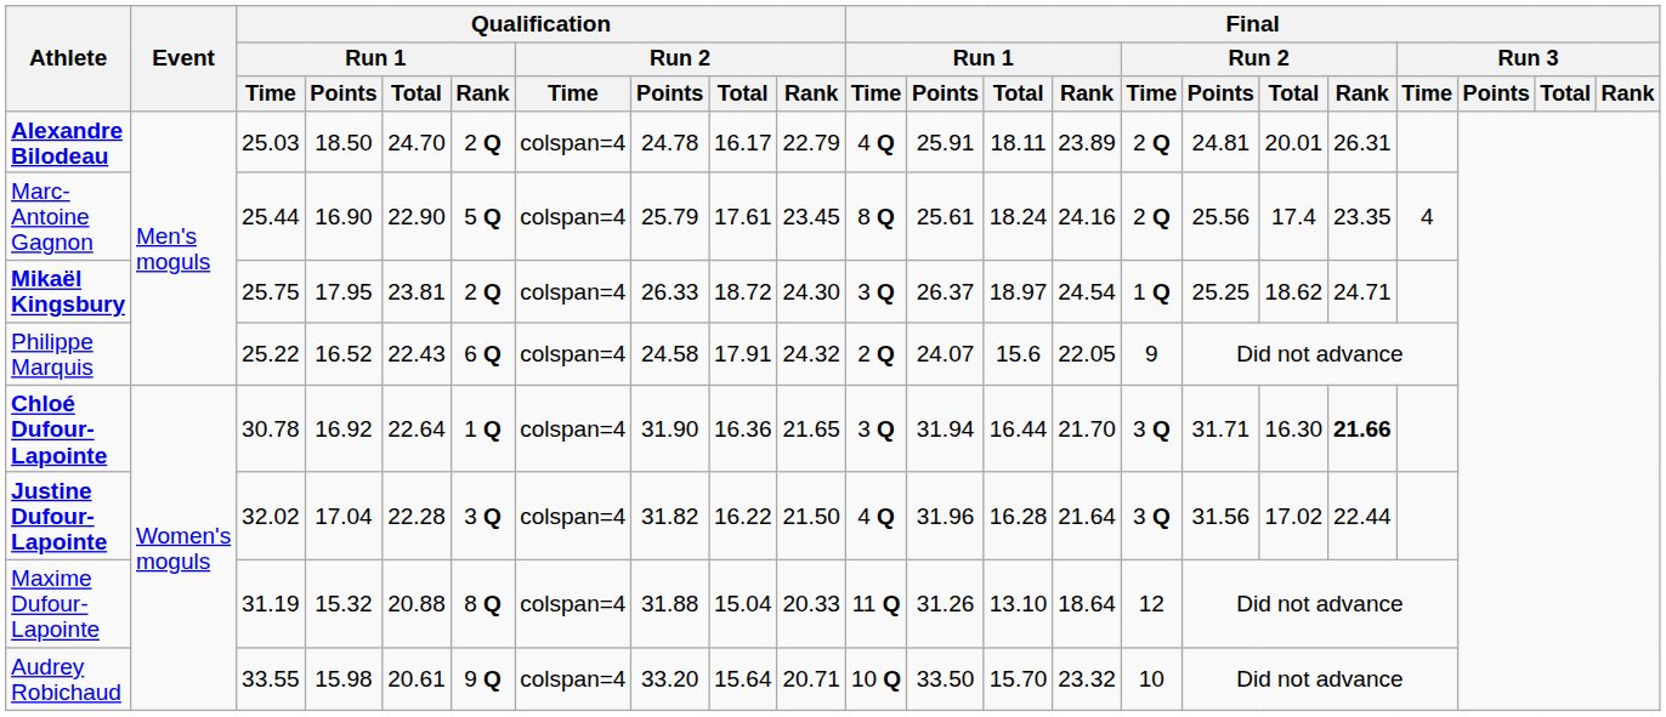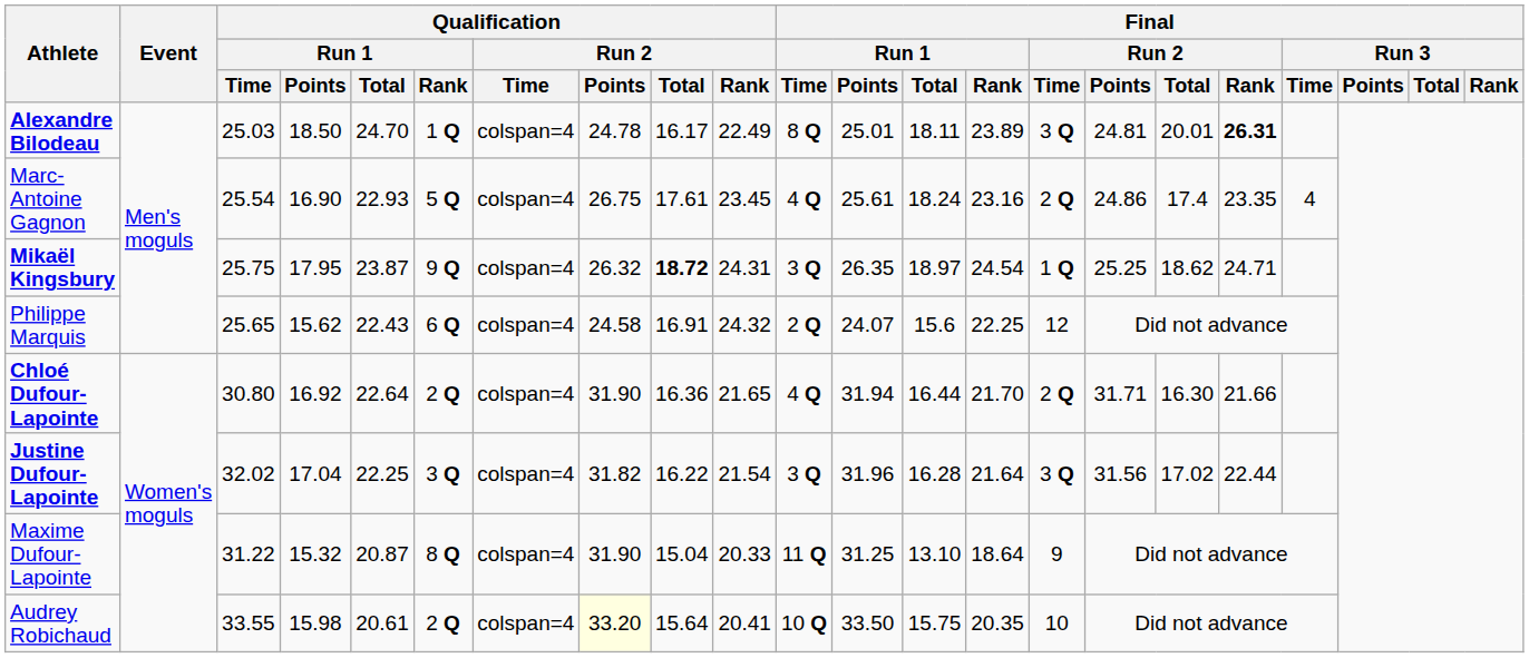 <table class="wikitable" style="font-size:90%">
 <tr>
 <th rowspan=3>Athlete</th>
 <th rowspan=3>Event</th>
 <th colspan=8>Qualification</th>
 <th colspan=12>Final</th>
 </tr>
 <tr style="font-size:95%">
 <th colspan=4>Run 1</th>
 <th colspan=4>Run 2</th>
 <th colspan=4>Run 1</th>
 <th colspan=4>Run 2</th>
 <th colspan=4>Run 3</th>
 </tr>
 <tr style="font-size:95%">
 <th>Time</th>
 <th>Points</th>
 <th>Total</th>
 <th>Rank</th>
 <th>Time</th>
 <th>Points</th>
 <th>Total</th>
 <th>Rank</th>
 <th>Time</th>
 <th>Points</th>
 <th>Total</th>
 <th>Rank</th>
 <th>Time</th>
 <th>Points</th>
 <th>Total</th>
 <th>Rank</th>
 <th>Time</th>
 <th>Points</th>
 <th>Total</th>
 <th>Rank</th>
 </tr>
 <tr align=center>
 <td align=left><strong><a href='#'>Alexandre Bilodeau</a></strong></td>
 <td align=left rowspan="4"><a href='#'>Men's moguls</a></td>
 <td>25.03</td>
 <td>18.50</td>
 <td>24.70</td>
-<td>2 <strong>Q</strong></td>
+<td>1 <strong>Q</strong></td>
 <td>colspan=4 </td>
 <td>24.78</td>
 <td>16.17</td>
-<td>22.79</td>
-<td>4 <strong>Q</strong></td>
-<td>25.91</td>
+<td>22.49</td>
+<td>8 <strong>Q</strong></td>
+<td>25.01</td>
 <td>18.11</td>
 <td>23.89</td>
-<td>2 <strong>Q</strong></td>
+<td>3 <strong>Q</strong></td>
 <td>24.81</td>
 <td>20.01</td>
-<td>26.31</td>
+<td><strong>26.31</strong></td>
 <td></td>
 </tr>
 <tr align=center>
 <td align=left><a href='#'>Marc-Antoine Gagnon</a></td>
-<td>25.44</td>
+<td>25.54</td>
 <td>16.90</td>
-<td>22.90</td>
+<td>22.93</td>
 <td>5 <strong>Q</strong></td>
 <td>colspan=4 </td>
-<td>25.79</td>
+<td>26.75</td>
 <td>17.61</td>
 <td>23.45</td>
-<td>8 <strong>Q</strong></td>
+<td>4 <strong>Q</strong></td>
 <td>25.61</td>
 <td>18.24</td>
-<td>24.16</td>
+<td>23.16</td>
 <td>2 <strong>Q</strong></td>
-<td>25.56</td>
+<td>24.86</td>
 <td>17.4</td>
 <td>23.35</td>
 <td>4</td>
 </tr>
 <tr align=center>
 <td align=left><strong><a href='#'>Mikaël Kingsbury</a></strong></td>
 <td>25.75</td>
 <td>17.95</td>
-<td>23.81</td>
-<td>2 <strong>Q</strong></td>
+<td>23.87</td>
+<td>9 <strong>Q</strong></td>
 <td>colspan=4 </td>
-<td>26.33</td>
-<td>18.72</td>
-<td>24.30</td>
+<td>26.32</td>
+<td><strong>18.72</strong></td>
+<td>24.31</td>
 <td>3 <strong>Q</strong></td>
-<td>26.37</td>
+<td>26.35</td>
 <td>18.97</td>
 <td>24.54</td>
 <td>1 <strong>Q</strong></td>
 <td>25.25</td>
 <td>18.62</td>
 <td>24.71</td>
 <td></td>
 </tr>
 <tr align=center>
 <td align=left><a href='#'>Philippe Marquis</a></td>
-<td>25.22</td>
-<td>16.52</td>
+<td>25.65</td>
+<td>15.62</td>
 <td>22.43</td>
 <td>6 <strong>Q</strong></td>
 <td>colspan=4 </td>
 <td>24.58</td>
-<td>17.91</td>
+<td>16.91</td>
 <td>24.32</td>
 <td>2 <strong>Q</strong></td>
 <td>24.07</td>
 <td>15.6</td>
-<td>22.05</td>
-<td>9</td>
+<td>22.25</td>
+<td>12</td>
 <td colspan=4>Did not advance</td>
 </tr>
 <tr align=center>
 <td align=left><strong><a href='#'>Chloé Dufour-Lapointe</a></strong></td>
 <td align=left rowspan="4"><a href='#'>Women's moguls</a></td>
-<td>30.78</td>
+<td>30.80</td>
 <td>16.92</td>
 <td>22.64</td>
-<td>1 <strong>Q</strong></td>
+<td>2 <strong>Q</strong></td>
 <td>colspan=4 </td>
 <td>31.90</td>
 <td>16.36</td>
 <td>21.65</td>
-<td>3 <strong>Q</strong></td>
+<td>4 <strong>Q</strong></td>
 <td>31.94</td>
 <td>16.44</td>
 <td>21.70</td>
-<td>3 <strong>Q</strong></td>
+<td>2 <strong>Q</strong></td>
 <td>31.71</td>
 <td>16.30</td>
-<td><strong>21.66</strong></td>
+<td>21.66</td>
 <td></td>
 </tr>
 <tr align=center>
 <td align=left><strong><a href='#'>Justine Dufour-Lapointe</a></strong></td>
 <td>32.02</td>
 <td>17.04</td>
-<td>22.28</td>
+<td>22.25</td>
 <td>3 <strong>Q</strong></td>
 <td>colspan=4 </td>
 <td>31.82</td>
 <td>16.22</td>
-<td>21.50</td>
-<td>4 <strong>Q</strong></td>
+<td>21.54</td>
+<td>3 <strong>Q</strong></td>
 <td>31.96</td>
 <td>16.28</td>
 <td>21.64</td>
 <td>3 <strong>Q</strong></td>
 <td>31.56</td>
 <td>17.02</td>
 <td>22.44</td>
 <td></td>
 </tr>
 <tr align=center>
 <td align=left><a href='#'>Maxime Dufour-Lapointe</a></td>
-<td>31.19</td>
+<td>31.22</td>
 <td>15.32</td>
-<td>20.88</td>
+<td>20.87</td>
 <td>8 <strong>Q</strong></td>
 <td>colspan=4 </td>
-<td>31.88</td>
+<td>31.90</td>
 <td>15.04</td>
 <td>20.33</td>
 <td>11 <strong>Q</strong></td>
-<td>31.26</td>
+<td>31.25</td>
 <td>13.10</td>
 <td>18.64</td>
-<td>12</td>
+<td>9</td>
 <td colspan=4>Did not advance</td>
 </tr>
 <tr align=center>
 <td align=left><a href='#'>Audrey Robichaud</a></td>
 <td>33.55</td>
 <td>15.98</td>
 <td>20.61</td>
-<td>9 <strong>Q</strong></td>
+<td>2 <strong>Q</strong></td>
 <td>colspan=4 </td>
-<td>33.20</td>
+<td style="background: lightyellow;">33.20</td>
 <td>15.64</td>
-<td>20.71</td>
+<td>20.41</td>
 <td>10 <strong>Q</strong></td>
 <td>33.50</td>
-<td>15.70</td>
-<td>23.32</td>
+<td>15.75</td>
+<td>20.35</td>
 <td>10</td>
 <td colspan=4>Did not advance</td>
 </tr>
 </table>
